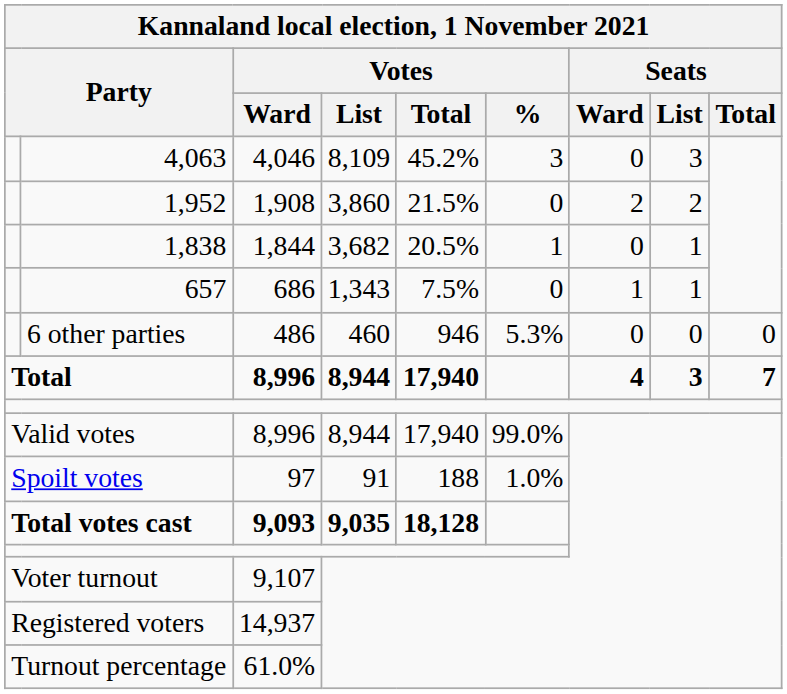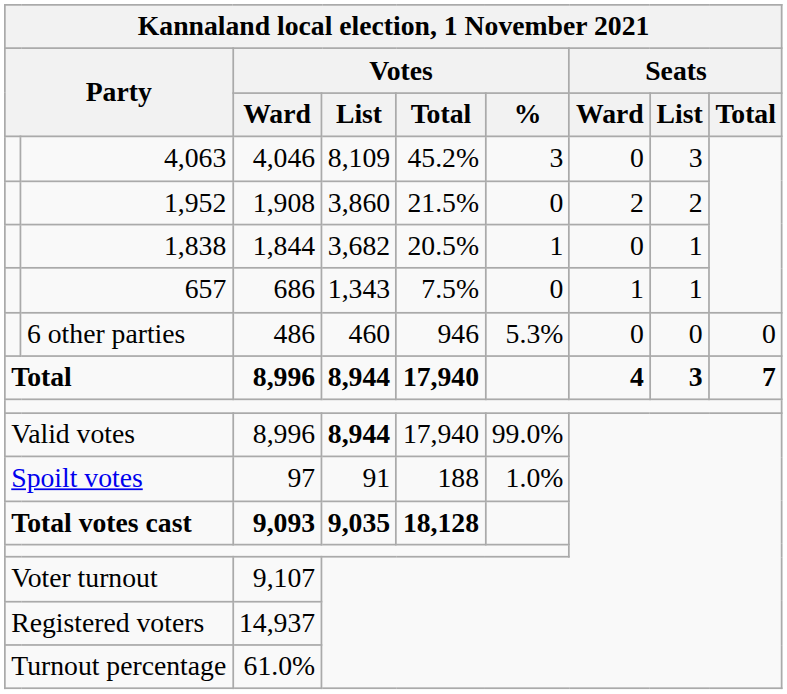 <table class=wikitable style="text-align:right">
 <tr>
 <th colspan="9" align="center">Kannaland local election, 1 November 2021</th>
 </tr>
 <tr>
 <th rowspan="2" colspan="2">Party</th>
 <th colspan="4" align="center">Votes</th>
 <th colspan="3" align="center">Seats</th>
 </tr>
 <tr>
 <th>Ward</th>
 <th>List</th>
 <th>Total</th>
 <th>%</th>
 <th>Ward</th>
 <th>List</th>
 <th>Total</th>
 </tr>
 <tr>
 <td></td>
 <td>4,063</td>
 <td>4,046</td>
 <td>8,109</td>
 <td>45.2%</td>
 <td>3</td>
 <td>0</td>
 <td>3</td>
 </tr>
 <tr>
 <td></td>
 <td>1,952</td>
 <td>1,908</td>
 <td>3,860</td>
 <td>21.5%</td>
 <td>0</td>
 <td>2</td>
 <td>2</td>
 </tr>
 <tr>
 <td></td>
 <td>1,838</td>
 <td>1,844</td>
 <td>3,682</td>
 <td>20.5%</td>
 <td>1</td>
 <td>0</td>
 <td>1</td>
 </tr>
 <tr>
 <td></td>
 <td>657</td>
 <td>686</td>
 <td>1,343</td>
 <td>7.5%</td>
 <td>0</td>
 <td>1</td>
 <td>1</td>
 </tr>
 <tr>
 <td></td>
 <td style="text-align:left">6 other parties</td>
 <td>486</td>
 <td>460</td>
 <td>946</td>
 <td>5.3%</td>
 <td>0</td>
 <td>0</td>
 <td>0</td>
 </tr>
 <tr>
 <td colspan="2" style="text-align:left"><strong>Total</strong></td>
 <td><strong>8,996</strong></td>
 <td><strong>8,944</strong></td>
 <td><strong>17,940</strong></td>
 <td></td>
 <td><strong>4</strong></td>
 <td><strong>3</strong></td>
 <td><strong>7</strong></td>
 </tr>
 <tr>
 <td colspan="9"></td>
 </tr>
 <tr>
 <td colspan="2" style="text-align:left">Valid votes</td>
 <td>8,996</td>
-<td>8,944</td>
+<td><strong>8,944</strong></td>
 <td>17,940</td>
 <td>99.0%</td>
 </tr>
 <tr>
 <td colspan="2" style="text-align:left"><a href='#'>Spoilt votes</a></td>
 <td>97</td>
 <td>91</td>
 <td>188</td>
 <td>1.0%</td>
 </tr>
 <tr>
 <td colspan="2" style="text-align:left"><strong>Total votes cast</strong></td>
 <td><strong>9,093</strong></td>
 <td><strong>9,035</strong></td>
 <td><strong>18,128</strong></td>
 <td></td>
 </tr>
 <tr>
 <td colspan="6"></td>
 </tr>
 <tr>
 <td colspan="2" style="text-align:left">Voter turnout</td>
 <td>9,107</td>
 </tr>
 <tr>
 <td colspan="2" style="text-align:left">Registered voters</td>
 <td>14,937</td>
 </tr>
 <tr>
 <td colspan="2" style="text-align:left">Turnout percentage</td>
 <td>61.0%</td>
 </tr>
 </table>
